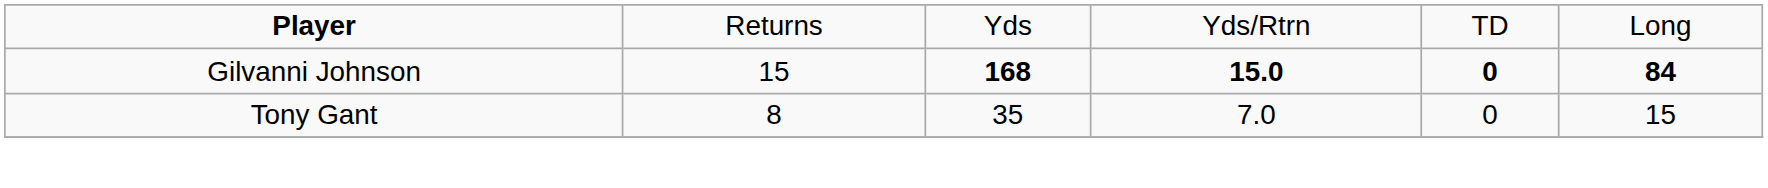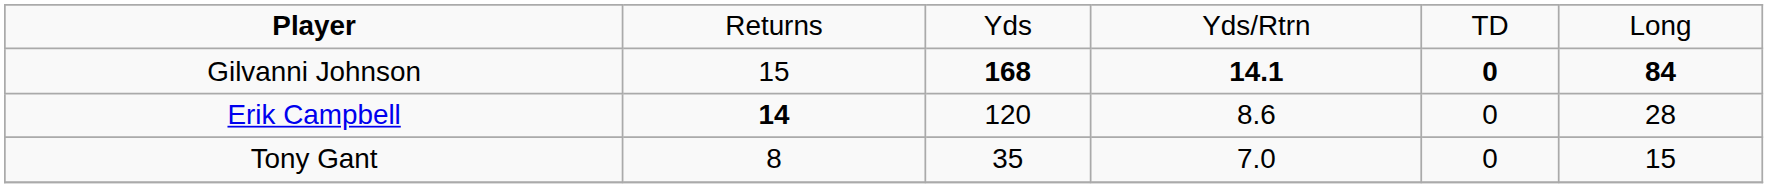 <table class="wikitable" width="80%">
 <tr align="center">
 <td><strong>Player</strong></td>
 <td>Returns</td>
 <td>Yds</td>
 <td>Yds/Rtrn</td>
 <td>TD</td>
 <td>Long</td>
 </tr>
 <tr align="center" bgcolor="">
 <td>Gilvanni Johnson</td>
 <td>15</td>
 <td><strong>168</strong></td>
-<td><strong>15.0</strong></td>
+<td><strong>14.1</strong></td>
 <td><strong>0</strong></td>
 <td><strong>84</strong></td>
+</tr>
+<tr align="center" bgcolor="">
+<td><a href='#'>Erik Campbell</a></td>
+<td><strong>14</strong></td>
+<td>120</td>
+<td>8.6</td>
+<td>0</td>
+<td>28</td>
 </tr>
 <tr align="center" bgcolor="">
 <td>Tony Gant</td>
 <td>8</td>
 <td>35</td>
 <td>7.0</td>
 <td>0</td>
 <td>15</td>
 </tr>
 <tr align="center" bgcolor="">
 </tr>
 </table>
